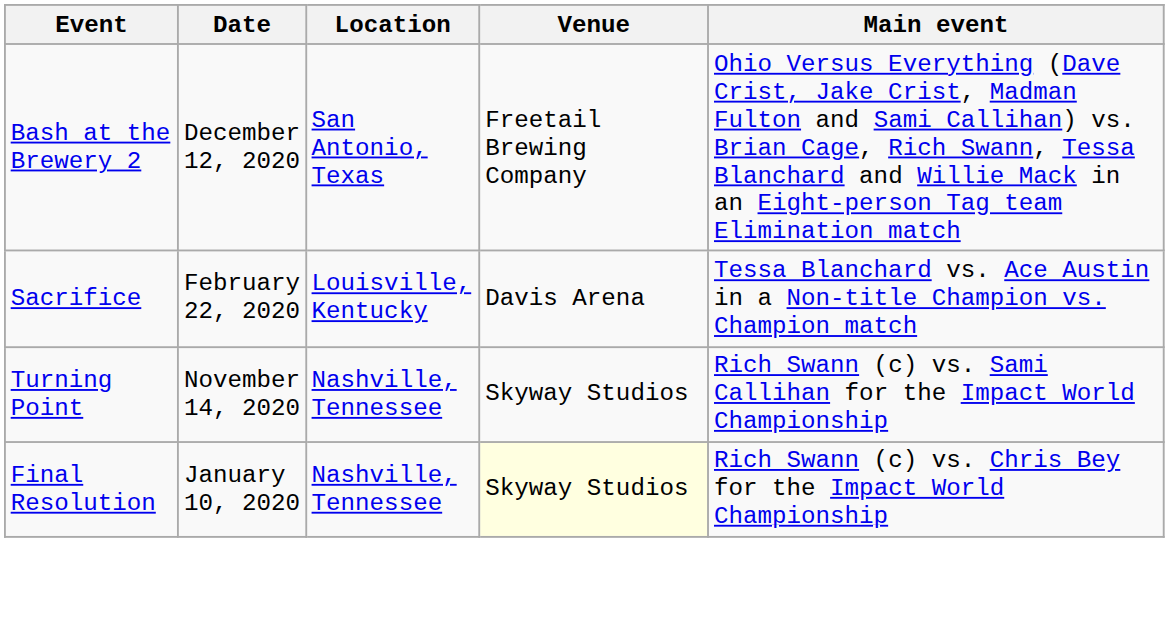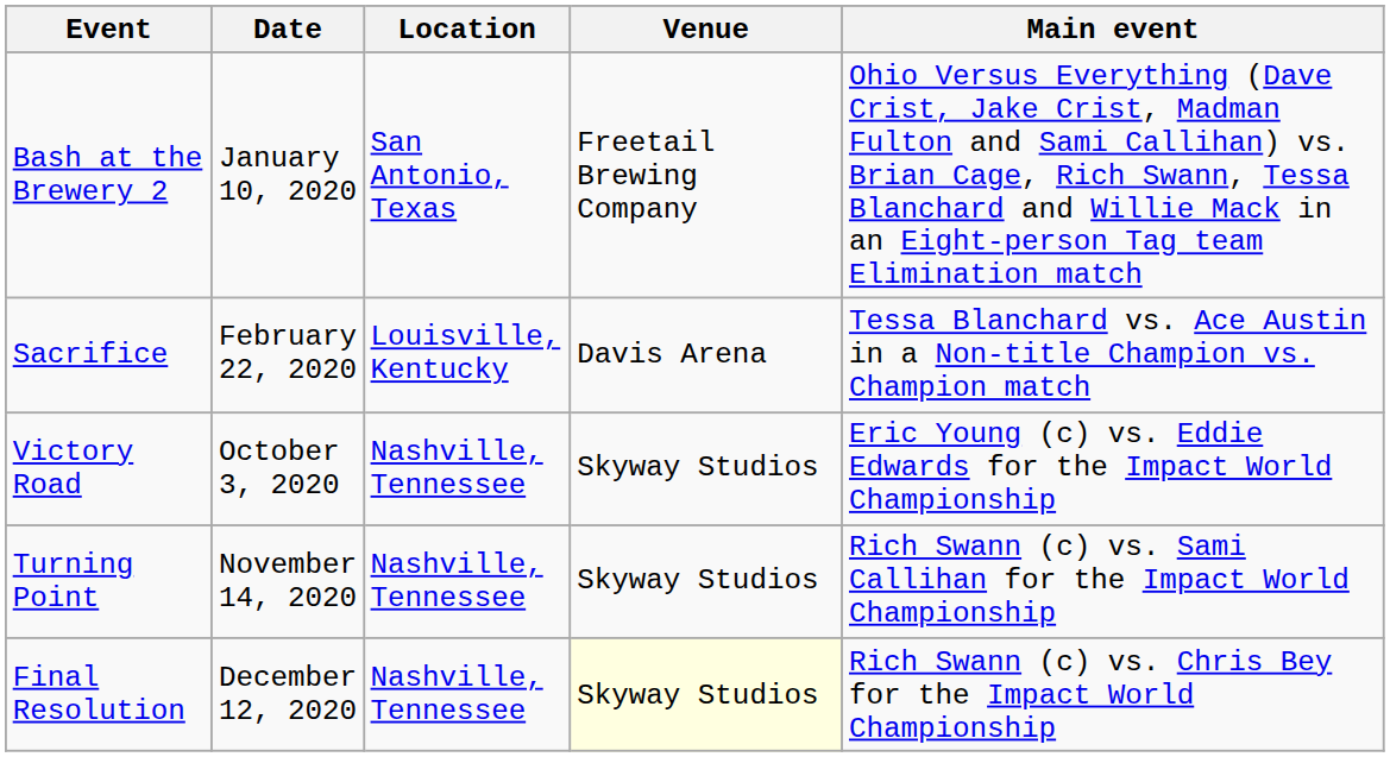 <table class="wikitable sortable" width="100%" style="align: center">
 <tr>
 <th width=15%>Event</th>
 <th width="10%">Date</th>
 <th width="15%">Location</th>
 <th width=20%>Venue</th>
 <th width=40%>Main event</th>
 </tr>
 <tr>
 <td><a href='#'>Bash at the Brewery 2</a></td>
-<td>December 12, 2020</td>
+<td>January 10, 2020</td>
 <td><a href='#'>San Antonio, Texas</a></td>
 <td>Freetail Brewing Company</td>
 <td><a href='#'>Ohio Versus Everything</a> (<a href='#'>Dave Crist, Jake Crist</a>, <a href='#'>Madman Fulton</a> and <a href='#'>Sami Callihan</a>) vs. <a href='#'>Brian Cage</a>, <a href='#'>Rich Swann</a>, <a href='#'>Tessa Blanchard</a> and <a href='#'>Willie Mack</a> in an <a href='#'>Eight-person Tag team Elimination match</a></td>
 </tr>
 <tr>
 <td><a href='#'>Sacrifice</a></td>
 <td>February 22, 2020</td>
 <td><a href='#'>Louisville, Kentucky</a></td>
 <td>Davis Arena</td>
 <td><a href='#'>Tessa Blanchard</a> vs. <a href='#'>Ace Austin</a> in a <a href='#'>Non-title Champion vs. Champion match</a></td>
 </tr>
 <tr>
+<td><a href='#'>Victory Road</a></td>
+<td>October 3, 2020</td>
+<td><a href='#'>Nashville, Tennessee</a></td>
+<td>Skyway Studios</td>
+<td><a href='#'>Eric Young</a> (c) vs. <a href='#'>Eddie Edwards</a> for the <a href='#'>Impact World Championship</a></td>
+</tr>
+<tr>
 <td><a href='#'>Turning Point</a></td>
 <td>November 14, 2020</td>
 <td><a href='#'>Nashville, Tennessee</a></td>
 <td>Skyway Studios</td>
 <td><a href='#'>Rich Swann</a> (c) vs. <a href='#'>Sami Callihan</a> for the <a href='#'>Impact World Championship</a></td>
 </tr>
 <tr>
 <td><a href='#'>Final Resolution</a></td>
-<td>January 10, 2020</td>
+<td>December 12, 2020</td>
 <td><a href='#'>Nashville, Tennessee</a></td>
 <td style="background: lightyellow;">Skyway Studios</td>
 <td><a href='#'>Rich Swann</a> (c) vs. <a href='#'>Chris Bey</a> for the <a href='#'>Impact World Championship</a></td>
 </tr>
 </table>
